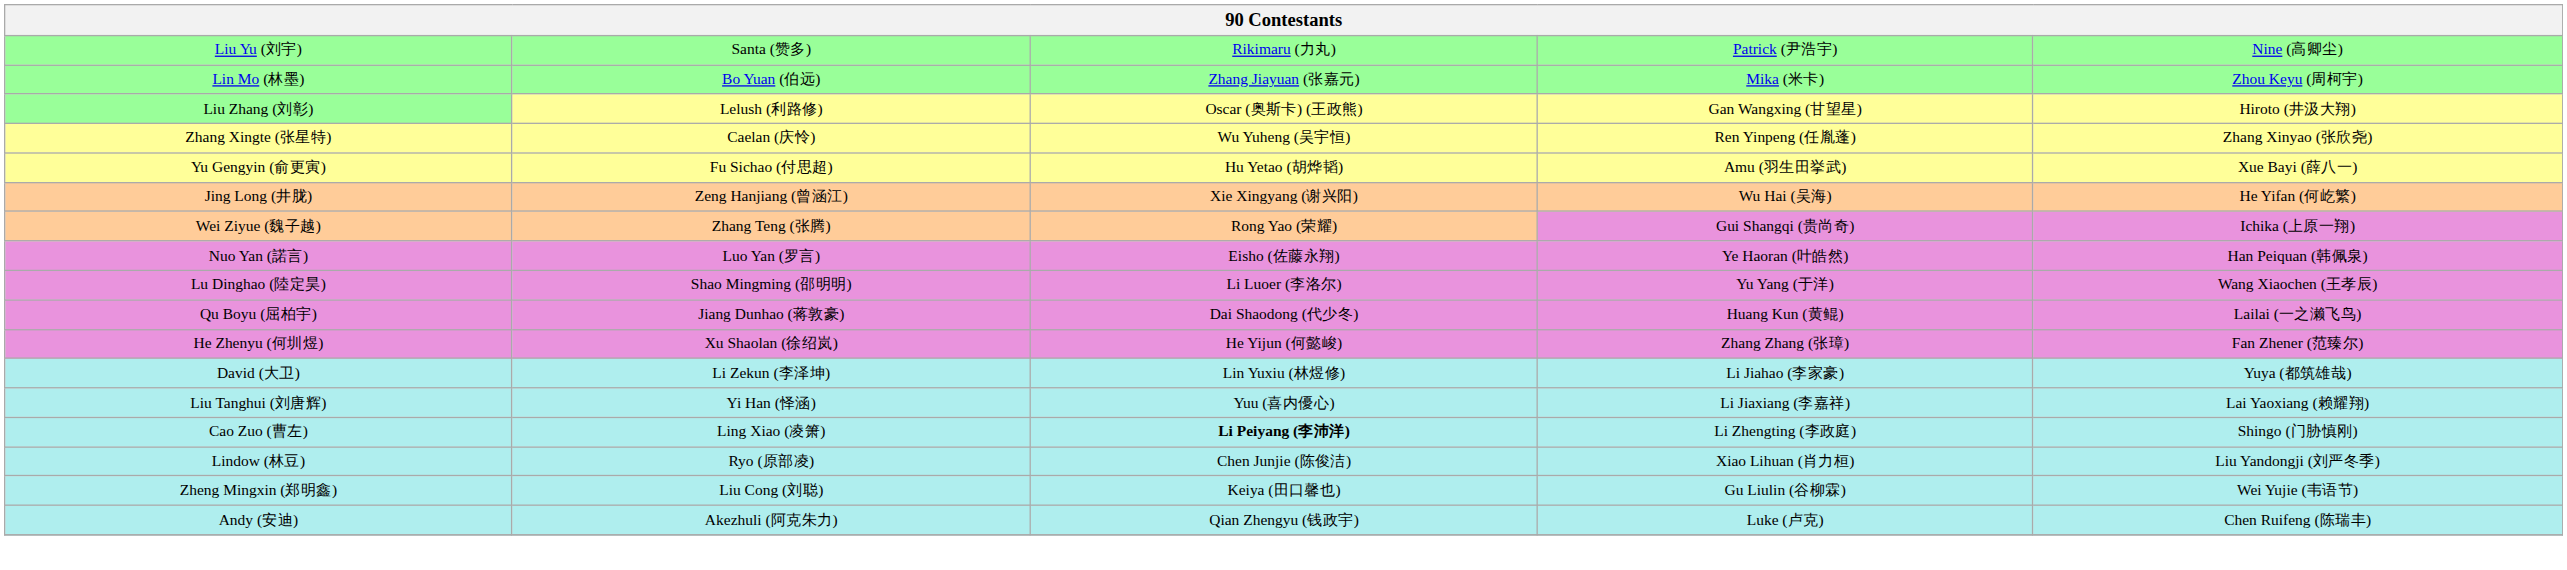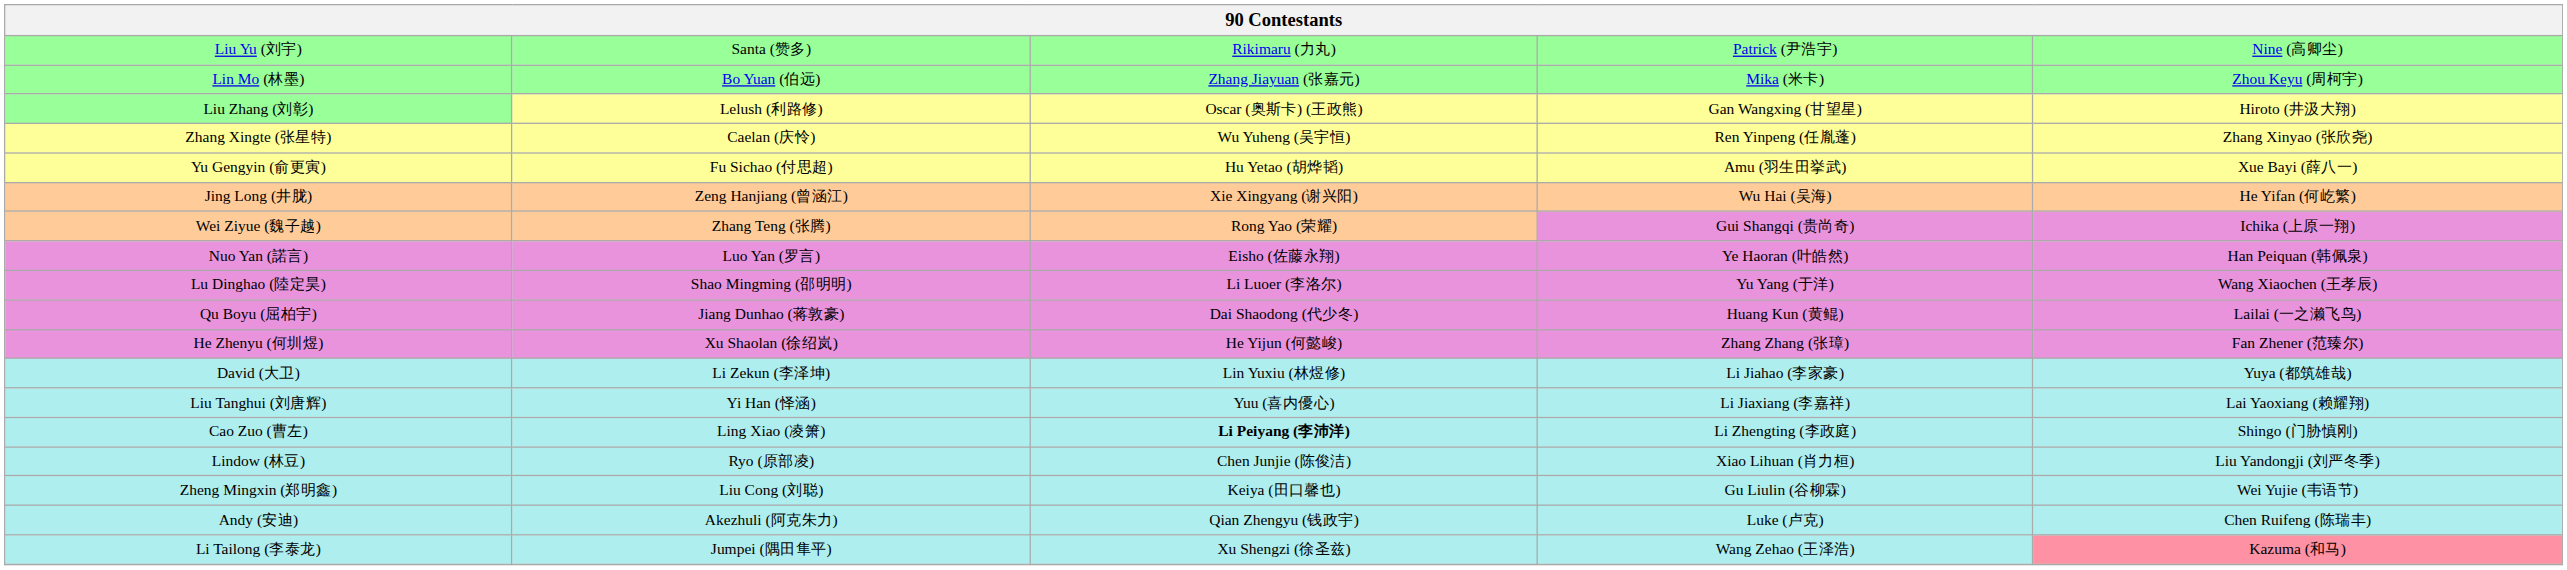 <table class="wikitable" style="text-align:center; width:100%; font-size: 75%;">
 <tr>
 <th scope="col" style="width:100%; font-size: 120%;" colspan="5">90 Contestants</th>
 </tr>
 <tr>
 <td style="background:#99FF99;"><a href='#'>Liu Yu</a> (刘宇)</td>
 <td style="background:#99FF99;">Santa (赞多)</td>
 <td style="background:#99FF99;"><a href='#'>Rikimaru</a> (力丸)</td>
 <td style="background:#99FF99;"><a href='#'>Patrick</a> (尹浩宇)</td>
 <td style="background:#99FF99;"><a href='#'>Nine</a> (高卿尘)</td>
 </tr>
 <tr>
 <td style="background:#99FF99;"><a href='#'>Lin Mo</a> (林墨)</td>
 <td style="background:#99FF99;"><a href='#'>Bo Yuan</a> (伯远)</td>
 <td style="background:#99FF99;"><a href='#'>Zhang Jiayuan</a> (张嘉元)</td>
 <td style="background:#99FF99;"><a href='#'>Mika</a> (米卡)</td>
 <td style="background:#99FF99;"><a href='#'>Zhou Keyu</a> (周柯宇)</td>
 </tr>
 <tr>
 <td style="background:#99FF99;">Liu Zhang (刘彰)</td>
 <td style="background:#FFFF99;">Lelush (利路修)</td>
 <td style="background:#FFFF99;">Oscar (奥斯卡) (王政熊)</td>
 <td style="background:#FFFF99;">Gan Wangxing (甘望星)</td>
 <td style="background:#FFFF99;">Hiroto (井汲大翔)</td>
 </tr>
 <tr>
 <td style="background:#FFFF99;">Zhang Xingte (张星特)</td>
 <td style="background:#FFFF99;">Caelan (庆怜)</td>
 <td style="background:#FFFF99;">Wu Yuheng (吴宇恒)</td>
 <td style="background:#FFFF99;">Ren Yinpeng (任胤蓬)</td>
 <td style="background:#FFFF99;">Zhang Xinyao (张欣尧)</td>
 </tr>
 <tr>
 <td style="background:#FFFF99;">Yu Gengyin (俞更寅)</td>
 <td style="background:#FFFF99;">Fu Sichao (付思超)</td>
 <td style="background:#FFFF99;">Hu Yetao (胡烨韬)</td>
 <td style="background:#FFFF99;">Amu (羽生田挙武)</td>
 <td style="background:#FFFF99;">Xue Bayi (薛八一)</td>
 </tr>
 <tr>
 <td style="background:#FFCC99;">Jing Long (井胧)</td>
 <td style="background:#FFCC99;">Zeng Hanjiang (曾涵江)</td>
 <td style="background:#FFCC99;">Xie Xingyang (谢兴阳)</td>
 <td style="background:#FFCC99;">Wu Hai (吴海)</td>
 <td style="background:#FFCC99;">He Yifan (何屹繁)</td>
 </tr>
 <tr>
 <td style="background:#FFCC99;">Wei Ziyue (魏子越)</td>
 <td style="background:#FFCC99;">Zhang Teng (张腾)</td>
 <td style="background:#FFCC99;">Rong Yao (荣耀)</td>
 <td style="background:#E993DD;">Gui Shangqi (贵尚奇)</td>
 <td style="background:#E993DD;">Ichika (上原一翔)</td>
 </tr>
 <tr>
 <td style="background:#E993DD;">Nuo Yan (諾言)</td>
 <td style="background:#E993DD;">Luo Yan (罗言)</td>
 <td style="background:#E993DD;">Eisho (佐藤永翔)</td>
 <td style="background:#E993DD;">Ye Haoran (叶皓然)</td>
 <td style="background:#E993DD;">Han Peiquan (韩佩泉)</td>
 </tr>
 <tr>
 <td style="background:#E993DD;">Lu Dinghao (陸定昊)</td>
 <td style="background:#E993DD;">Shao Mingming (邵明明)</td>
 <td style="background:#E993DD;">Li Luoer (李洛尔)</td>
 <td style="background:#E993DD;">Yu Yang (于洋)</td>
 <td style="background:#E993DD;">Wang Xiaochen (王孝辰)</td>
 </tr>
 <tr>
 <td style="background:#E993DD;">Qu Boyu (屈柏宇)</td>
 <td style="background:#E993DD;">Jiang Dunhao (蒋敦豪)</td>
 <td style="background:#E993DD;">Dai Shaodong (代少冬)</td>
 <td style="background:#E993DD;">Huang Kun (黄鲲)</td>
 <td style="background:#E993DD;">Lailai (一之濑飞鸟)</td>
 </tr>
 <tr>
 <td style="background:#E993DD;">He Zhenyu (何圳煜)</td>
 <td style="background:#E993DD;">Xu Shaolan (徐绍岚)</td>
 <td style="background:#E993DD;">He Yijun (何懿峻)</td>
 <td style="background:#E993DD;">Zhang Zhang (张璋)</td>
 <td style="background:#E993DD;">Fan Zhener (范臻尔)</td>
 </tr>
 <tr>
 <td style="background:#AFEEEE;">David (大卫)</td>
 <td style="background:#AFEEEE;">Li Zekun (李泽坤)</td>
 <td style="background:#AFEEEE;">Lin Yuxiu (林煜修)</td>
 <td style="background:#AFEEEE;">Li Jiahao (李家豪)</td>
 <td style="background:#AFEEEE;">Yuya (都筑雄哉)</td>
 </tr>
 <tr>
 <td style="background:#AFEEEE;">Liu Tanghui (刘唐辉)</td>
 <td style="background:#AFEEEE;">Yi Han (怿涵)</td>
 <td style="background:#AFEEEE;">Yuu (喜内優心)</td>
 <td style="background:#AFEEEE;">Li Jiaxiang (李嘉祥)</td>
 <td style="background:#AFEEEE;">Lai Yaoxiang (赖耀翔)</td>
 </tr>
 <tr>
 <td style="background:#AFEEEE;">Cao Zuo (曹左)</td>
 <td style="background:#AFEEEE;">Ling Xiao (凌箫)</td>
 <td style="background:#AFEEEE;"><strong>Li Peiyang (李沛洋)</strong></td>
 <td style="background:#AFEEEE;">Li Zhengting (李政庭)</td>
 <td style="background:#AFEEEE;">Shingo (门胁慎刚)</td>
 </tr>
 <tr>
 <td style="background:#AFEEEE;">Lindow (林豆)</td>
 <td style="background:#AFEEEE;">Ryo (原部凌)</td>
 <td style="background:#AFEEEE;">Chen Junjie (陈俊洁)</td>
 <td style="background:#AFEEEE;">Xiao Lihuan (肖力桓)</td>
 <td style="background:#AFEEEE;">Liu Yandongji (刘严冬季)</td>
 </tr>
 <tr>
 <td style="background:#AFEEEE;">Zheng Mingxin (郑明鑫)</td>
 <td style="background:#AFEEEE;">Liu Cong (刘聪)</td>
 <td style="background:#AFEEEE;">Keiya (田口馨也)</td>
 <td style="background:#AFEEEE;">Gu Liulin (谷柳霖)</td>
 <td style="background:#AFEEEE;">Wei Yujie (韦语节)</td>
 </tr>
 <tr>
 <td style="background:#AFEEEE;">Andy (安迪)</td>
 <td style="background:#AFEEEE;">Akezhuli (阿克朱力)</td>
 <td style="background:#AFEEEE;">Qian Zhengyu (钱政宇)</td>
 <td style="background:#AFEEEE;">Luke (卢克)</td>
 <td style="background:#AFEEEE;">Chen Ruifeng (陈瑞丰)</td>
 </tr>
 <tr>
+<td style="background:#AFEEEE;">Li Tailong (李泰龙)</td>
+<td style="background:#AFEEEE;">Jumpei (隅田隼平)</td>
+<td style="background:#AFEEEE;">Xu Shengzi (徐圣兹)</td>
+<td style="background:#AFEEEE;">Wang Zehao (王泽浩)</td>
+<td style="background:#FF91A4;">Kazuma (和马)</td>
+</tr>
+<tr>
 </tr>
 </table>
